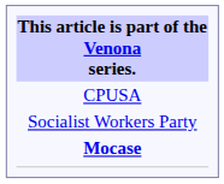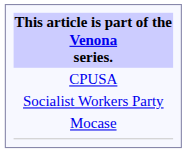 <table cellpadding="1" style="float: right; border: 1px solid #8888aa; background: #f7f8ff; padding: 5px; font-size: 85%; margin: 0 15px 0 15px;">
 <tr>
 <td style="background: #ccf; text-align: center;"><strong>This article is part of the</strong><br><strong><a href='#'>Venona</a></strong><br><strong>series.</strong></td>
 </tr>
 <tr>
 <td style="text-align: center;"><a href='#'>CPUSA</a></td>
 </tr>
 <tr>
 <td style="text-align: center;"><a href='#'>Socialist Workers Party</a></td>
 </tr>
 <tr>
-<td style="text-align: center;"><strong><a href='#'>Mocase</a></strong></td>
+<td style="text-align: center;"><a href='#'>Mocase</a></td>
 </tr>
 <tr>
 <td style="border-bottom: 1px solid #ccc"></td>
 </tr>
 </table>
